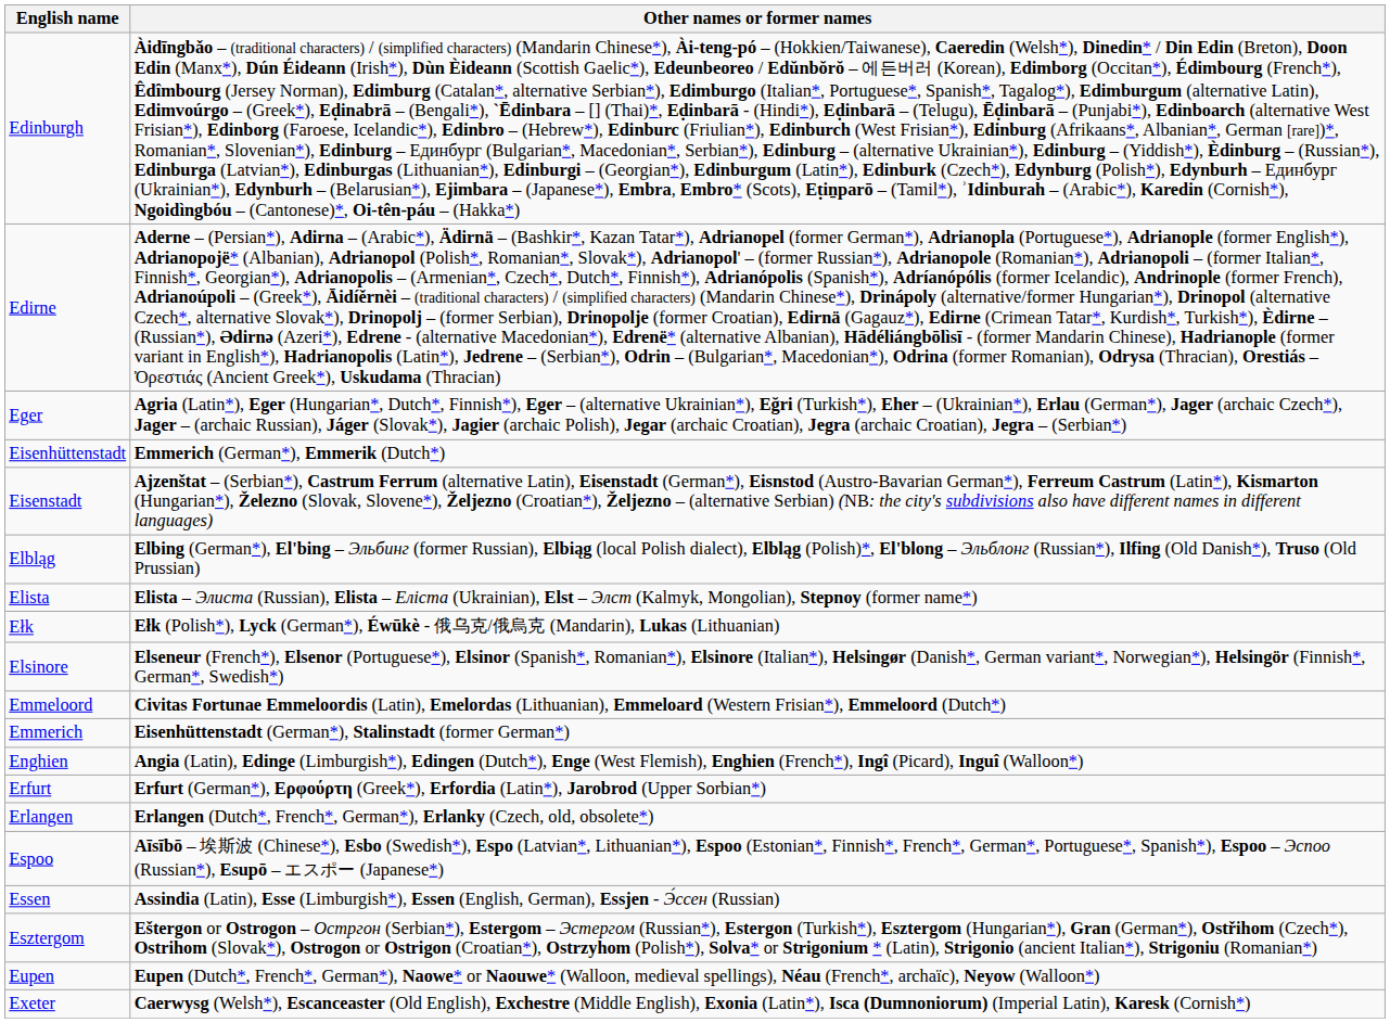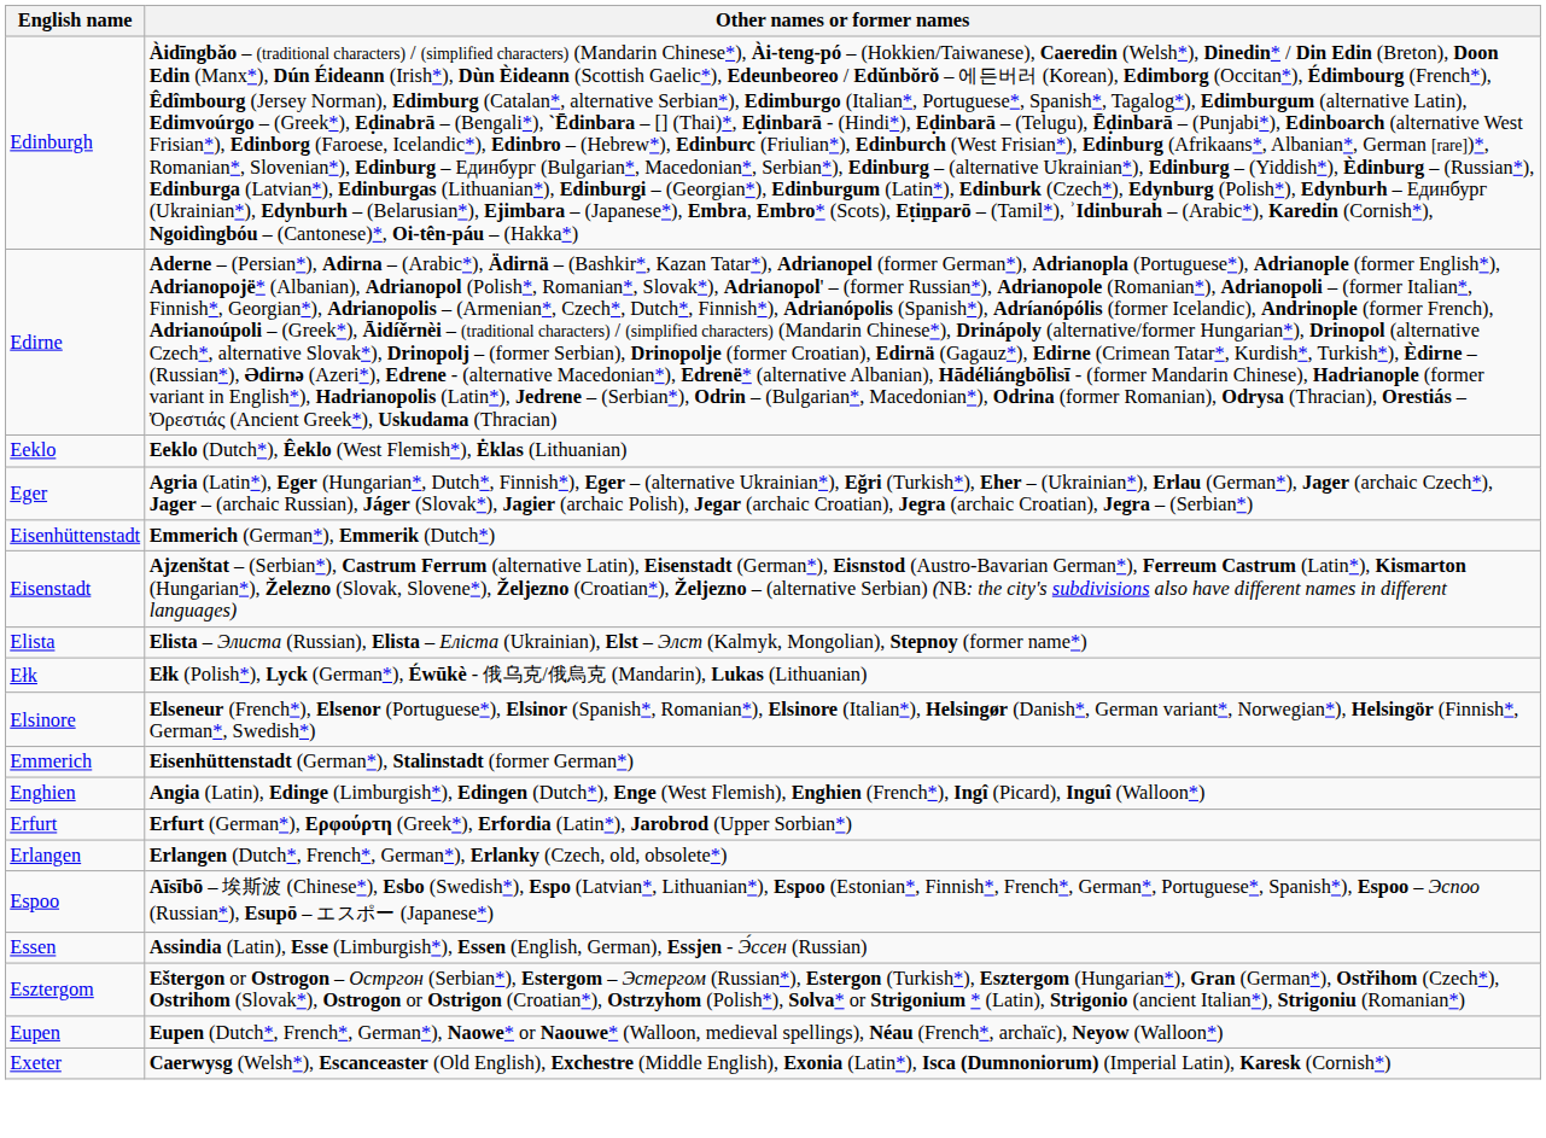 <table class="wikitable">
 <tr>
 <th>English name</th>
 <th>Other names or former names</th>
 </tr>
 <tr>
 <td> <a href='#'>Edinburgh</a></td>
 <td><strong>Àidīngbǎo</strong> –  <small>(traditional characters)</small> /  <small>(simplified characters)</small> (Mandarin Chinese<a href='#'>*</a>), <strong>Ài-teng-pó</strong> –  (Hokkien/Taiwanese), <strong>Caeredin</strong> (Welsh<a href='#'>*</a>), <strong>Dinedin</strong><a href='#'>*</a> / <strong>Din Edin</strong> (Breton), <strong>Doon Edin</strong> (Manx<a href='#'>*</a>), <strong>Dún Éideann</strong> (Irish<a href='#'>*</a>), <strong>Dùn Èideann</strong> (Scottish Gaelic<a href='#'>*</a>), <strong>Edeunbeoreo</strong> / <strong>Edŭnbŏrŏ</strong> – 에든버러 (Korean), <strong>Edimborg</strong> (Occitan<a href='#'>*</a>), <strong>Édimbourg</strong> (French<a href='#'>*</a>), <strong>Êdîmbourg</strong> (Jersey Norman), <strong>Edimburg</strong> (Catalan<a href='#'>*</a>, alternative Serbian<a href='#'>*</a>), <strong>Edimburgo</strong> (Italian<a href='#'>*</a>, Portuguese<a href='#'>*</a>, Spanish<a href='#'>*</a>, Tagalog<a href='#'>*</a>), <strong>Edimburgum</strong> (alternative Latin), <strong>Edimvoúrgo</strong> –  (Greek<a href='#'>*</a>), <strong>Eḍinabrā</strong> –  (Bengali<a href='#'>*</a>), <strong>`Ēdinbara</strong> –  [] (Thai)<a href='#'>*</a>, <strong>Eḍinbarā</strong> -  (Hindi<a href='#'>*</a>), <strong>Eḍin‌barā</strong> –  (Telugu), <strong>Ēḍinbarā</strong> –  (Punjabi<a href='#'>*</a>), <strong>Edinboarch</strong> (alternative West Frisian<a href='#'>*</a>), <strong>Edinborg</strong> (Faroese, Icelandic<a href='#'>*</a>), <strong>Edinbro</strong> –  (Hebrew<a href='#'>*</a>), <strong>Edinburc</strong> (Friulian<a href='#'>*</a>), <strong>Edinburch</strong> (West Frisian<a href='#'>*</a>), <strong>Edinburg</strong> (Afrikaans<a href='#'>*</a>, Albanian<a href='#'>*</a>, German <small>[rare]</small>)<a href='#'>*</a>, Romanian<a href='#'>*</a>, Slovenian<a href='#'>*</a>), <strong>Edinburg</strong> – Единбург (Bulgarian<a href='#'>*</a>, Macedonian<a href='#'>*</a>, Serbian<a href='#'>*</a>), <strong>Edinburg</strong> –  (alternative Ukrainian<a href='#'>*</a>), <strong>Edinburg</strong> –  (Yiddish<a href='#'>*</a>), <strong>Èdinburg</strong> –  (Russian<a href='#'>*</a>), <strong>Edinburga</strong> (Latvian<a href='#'>*</a>), <strong>Edinburgas</strong> (Lithuanian<a href='#'>*</a>), <strong>Edinburgi</strong> –  (Georgian<a href='#'>*</a>), <strong>Edinburgum</strong> (Latin<a href='#'>*</a>), <strong>Edinburk</strong> (Czech<a href='#'>*</a>), <strong>Edynburg</strong> (Polish<a href='#'>*</a>), <strong>Edynburh</strong> – Единбург (Ukrainian<a href='#'>*</a>), <strong>Edynburh</strong> –  (Belarusian<a href='#'>*</a>), <strong>Ejimbara</strong> –  (Japanese<a href='#'>*</a>), <strong>Embra</strong>, <strong>Embro</strong><a href='#'>*</a> (Scots), <strong>Eṭiṉparō</strong> –  (Tamil<a href='#'>*</a>), <strong>ʾIdinburah</strong> –  (Arabic<a href='#'>*</a>), <strong>Karedin</strong> (Cornish<a href='#'>*</a>), <strong>Ngoidìngbóu</strong> –  (Cantonese)<a href='#'>*</a>, <strong>Oi-tên-páu</strong> –  (Hakka<a href='#'>*</a>)<br></td>
 </tr>
 <tr>
 <td> <a href='#'>Edirne</a></td>
 <td><strong>Aderne</strong> –  (Persian<a href='#'>*</a>), <strong>Adirna</strong> –  (Arabic<a href='#'>*</a>), <strong>Ädirnä</strong> –  (Bashkir<a href='#'>*</a>, Kazan Tatar<a href='#'>*</a>), <strong>Adrianopel</strong> (former German<a href='#'>*</a>), <strong>Adrianopla</strong> (Portuguese<a href='#'>*</a>), <strong>Adrianople</strong> (former English<a href='#'>*</a>), <strong>Adrianopojë</strong><a href='#'>*</a> (Albanian), <strong>Adrianopol</strong> (Polish<a href='#'>*</a>, Romanian<a href='#'>*</a>, Slovak<a href='#'>*</a>), <strong>Adrianopol</strong>' –  (former Russian<a href='#'>*</a>), <strong>Adrianopole</strong> (Romanian<a href='#'>*</a>), <strong>Adrianopoli</strong> –  (former Italian<a href='#'>*</a>, Finnish<a href='#'>*</a>, Georgian<a href='#'>*</a>), <strong>Adrianopolis</strong> –  (Armenian<a href='#'>*</a>, Czech<a href='#'>*</a>, Dutch<a href='#'>*</a>, Finnish<a href='#'>*</a>), <strong>Adrianópolis</strong> (Spanish<a href='#'>*</a>), <strong>Adríanópólis</strong> (former Icelandic), <strong>Andrinople</strong> (former French), <strong>Adrianoúpoli</strong> –  (Greek<a href='#'>*</a>), <strong>Āidíěrnèi</strong> –  <small>(traditional characters)</small> /  <small>(simplified characters)</small> (Mandarin Chinese<a href='#'>*</a>), <strong>Drinápoly</strong> (alternative/former Hungarian<a href='#'>*</a>), <strong>Drinopol</strong> (alternative Czech<a href='#'>*</a>, alternative Slovak<a href='#'>*</a>), <strong>Drinopolj</strong> –  (former Serbian), <strong>Drinopolje</strong> (former Croatian), <strong>Edirnä</strong> (Gagauz<a href='#'>*</a>), <strong>Edirne</strong> (Crimean Tatar<a href='#'>*</a>, Kurdish<a href='#'>*</a>, Turkish<a href='#'>*</a>), <strong>Èdirne</strong> –  (Russian<a href='#'>*</a>), <strong>Ədirnə</strong> (Azeri<a href='#'>*</a>), <strong>Edrene</strong> -  (alternative Macedonian<a href='#'>*</a>), <strong>Εdrenë</strong><a href='#'>*</a> (alternative Albanian), <strong>Hādéliángbōlìsī</strong> -  (former Mandarin Chinese), <strong>Hadrianople</strong> (former variant in English<a href='#'>*</a>), <strong>Hadrianopolis</strong> (Latin<a href='#'>*</a>), <strong>Jedrene</strong> –  (Serbian<a href='#'>*</a>), <strong>Odrin</strong> –  (Bulgarian<a href='#'>*</a>, Macedonian<a href='#'>*</a>), <strong>Odrina</strong> (former Romanian), <strong>Odrysa</strong> (Thracian), <strong>Orestiás</strong> – Ὀρεστιάς (Ancient Greek<a href='#'>*</a>), <strong>Uskudama</strong> (Thracian)<br></td>
 </tr>
 <tr>
+<td> <a href='#'>Eeklo</a></td>
+<td><strong>Eeklo</strong> (Dutch<a href='#'>*</a>), <strong>Êeklo</strong> (West Flemish<a href='#'>*</a>), <strong>Ėklas</strong> (Lithuanian)</td>
+</tr>
+<tr>
 <td> <a href='#'>Eger</a></td>
 <td><strong>Agria</strong> (Latin<a href='#'>*</a>), <strong>Eger</strong> (Hungarian<a href='#'>*</a>, Dutch<a href='#'>*</a>, Finnish<a href='#'>*</a>), <strong>Eger</strong> –  (alternative Ukrainian<a href='#'>*</a>), <strong>Eğri</strong> (Turkish<a href='#'>*</a>), <strong>Eher</strong> –  (Ukrainian<a href='#'>*</a>), <strong>Erlau</strong> (German<a href='#'>*</a>), <strong>Jager</strong> (archaic Czech<a href='#'>*</a>), <strong>Jager</strong> –  (archaic Russian), <strong>Jáger</strong> (Slovak<a href='#'>*</a>), <strong>Jagier</strong> (archaic Polish), <strong>Jegar</strong> (archaic Croatian), <strong>Jegra</strong> (archaic Croatian), <strong>Jegra</strong> –  (Serbian<a href='#'>*</a>)<br></td>
 </tr>
 <tr>
 <td> <a href='#'>Eisenhüttenstadt</a></td>
 <td><strong>Emmerich</strong> (German<a href='#'>*</a>), <strong>Emmerik</strong> (Dutch<a href='#'>*</a>)</td>
 </tr>
 <tr>
 <td> <a href='#'>Eisenstadt</a></td>
 <td><strong>Ajzenštat</strong> –  (Serbian<a href='#'>*</a>), <strong>Castrum Ferrum</strong> (alternative Latin), <strong>Eisenstadt</strong> (German<a href='#'>*</a>), <strong>Eisnstod</strong> (Austro-Bavarian German<a href='#'>*</a>), <strong>Ferreum Castrum</strong> (Latin<a href='#'>*</a>), <strong>Kismarton</strong> (Hungarian<a href='#'>*</a>), <strong>Železno</strong> (Slovak, Slovene<a href='#'>*</a>), <strong>Željezno</strong> (Croatian<a href='#'>*</a>), <strong>Željezno</strong> –  (alternative Serbian) <em>(</em>NB<em>: the city's <a href='#'>subdivisions</a> also have different names in different languages)</em><br></td>
 </tr>
 <tr>
-<td> <a href='#'>Elbląg</a></td>
-<td><strong>Elbing</strong> (German<a href='#'>*</a>), <strong>El'bing</strong> – <em>Эльбинг</em> (former Russian), <strong>Elbiąg</strong> (local Polish dialect), <strong>Elbląg</strong> (Polish)<a href='#'>*</a>, <strong>El'blong</strong> – <em>Эльблонг</em> (Russian<a href='#'>*</a>), <strong>Ilfing</strong> (Old Danish<a href='#'>*</a>), <strong>Truso</strong> (Old Prussian)</td>
-</tr>
-<tr>
 <td> <a href='#'>Elista</a></td>
 <td><strong>Elista</strong> – <em>Элиста</em> (Russian), <strong>Elista</strong> – <em>Еліста</em> (Ukrainian), <strong>Elst</strong> – <em>Элст</em> (Kalmyk, Mongolian), <strong>Stepnoy</strong> (former name<a href='#'>*</a>)</td>
 </tr>
 <tr>
 <td> <a href='#'>Ełk</a></td>
 <td><strong>Ełk</strong> (Polish<a href='#'>*</a>), <strong>Lyck</strong> (German<a href='#'>*</a>), <strong>Éwūkè</strong> - 俄乌克/俄烏克 (Mandarin), <strong>Lukas</strong> (Lithuanian)</td>
 </tr>
 <tr>
 <td> <a href='#'>Elsinore</a></td>
 <td><strong>Elseneur</strong> (French<a href='#'>*</a>), <strong>Elsenor</strong> (Portuguese<a href='#'>*</a>), <strong>Elsinor</strong> (Spanish<a href='#'>*</a>, Romanian<a href='#'>*</a>), <strong>Elsinore</strong> (Italian<a href='#'>*</a>), <strong>Helsingør</strong> (Danish<a href='#'>*</a>, German variant<a href='#'>*</a>, Norwegian<a href='#'>*</a>), <strong>Helsingör</strong> (Finnish<a href='#'>*</a>, German<a href='#'>*</a>, Swedish<a href='#'>*</a>)</td>
-</tr>
-<tr>
-<td> <a href='#'>Emmeloord</a></td>
-<td><strong>Civitas Fortunae Emmeloordis</strong> (Latin), <strong>Emelordas</strong> (Lithuanian), <strong>Emmeloard</strong> (Western Frisian<a href='#'>*</a>), <strong>Emmeloord</strong> (Dutch<a href='#'>*</a>)</td>
 </tr>
 <tr>
 <td> <a href='#'>Emmerich</a></td>
 <td><strong>Eisenhüttenstadt</strong> (German<a href='#'>*</a>), <strong>Stalinstadt</strong> (former German<a href='#'>*</a>)</td>
 </tr>
 <tr>
 <td> <a href='#'>Enghien</a></td>
 <td><strong>Angia</strong> (Latin), <strong>Edinge</strong> (Limburgish<a href='#'>*</a>), <strong>Edingen</strong> (Dutch<a href='#'>*</a>), <strong>Enge</strong> (West Flemish), <strong>Enghien</strong> (French<a href='#'>*</a>), <strong>Ingî</strong> (Picard), <strong>Inguî</strong> (Walloon<a href='#'>*</a>)</td>
 </tr>
 <tr>
 <td> <a href='#'>Erfurt</a></td>
 <td><strong>Erfurt</strong> (German<a href='#'>*</a>), <strong>Ερφούρτη</strong> (Greek<a href='#'>*</a>), <strong>Erfordia</strong> (Latin<a href='#'>*</a>), <strong>Jarobrod</strong> (Upper Sorbian<a href='#'>*</a>)</td>
 </tr>
 <tr>
 <td> <a href='#'>Erlangen</a></td>
 <td><strong>Erlangen</strong> (Dutch<a href='#'>*</a>, French<a href='#'>*</a>, German<a href='#'>*</a>), <strong>Erlanky</strong> (Czech, old, obsolete<a href='#'>*</a>)</td>
 </tr>
 <tr>
 <td> <a href='#'>Espoo</a></td>
 <td><strong>Aīsībō</strong> – 埃斯波 (Chinese<a href='#'>*</a>), <strong>Esbo</strong> (Swedish<a href='#'>*</a>), <strong>Espo</strong> (Latvian<a href='#'>*</a>, Lithuanian<a href='#'>*</a>), <strong>Espoo</strong> (Estonian<a href='#'>*</a>, Finnish<a href='#'>*</a>, French<a href='#'>*</a>, German<a href='#'>*</a>, Portuguese<a href='#'>*</a>, Spanish<a href='#'>*</a>), <strong>Espoo</strong> – <em>Эспоо</em> (Russian<a href='#'>*</a>), <strong>Esupō</strong> – エスポー (Japanese<a href='#'>*</a>)</td>
 </tr>
 <tr>
 <td> <a href='#'>Essen</a></td>
 <td><strong>Assindia</strong> (Latin), <strong>Esse</strong> (Limburgish<a href='#'>*</a>), <strong>Essen</strong> (English, German), <strong>Essjen</strong> - <em>Э́ссен</em> (Russian)</td>
 </tr>
 <tr>
 <td> <a href='#'>Esztergom</a></td>
 <td><strong>Eštergon</strong> or <strong>Ostrogon</strong> – <em>Oстргон</em> (Serbian<a href='#'>*</a>), <strong>Estergom</strong> – <em>Эстергом</em> (Russian<a href='#'>*</a>), <strong>Estergon</strong> (Turkish<a href='#'>*</a>), <strong>Esztergom</strong> (Hungarian<a href='#'>*</a>), <strong>Gran</strong> (German<a href='#'>*</a>), <strong>Ostřihom</strong> (Czech<a href='#'>*</a>), <strong>Ostrihom</strong> (Slovak<a href='#'>*</a>), <strong>Ostrogon</strong> or <strong>Ostrigon</strong> (Croatian<a href='#'>*</a>), <strong>Ostrzyhom</strong> (Polish<a href='#'>*</a>), <strong>Solva</strong><a href='#'>*</a> or <strong>Strigonium </strong><a href='#'>*</a> (Latin), <strong>Strigonio</strong> (ancient Italian<a href='#'>*</a>), <strong>Strigoniu</strong> (Romanian<a href='#'>*</a>)</td>
 </tr>
 <tr>
 <td> <a href='#'>Eupen</a></td>
 <td><strong>Eupen</strong> (Dutch<a href='#'>*</a>, French<a href='#'>*</a>, German<a href='#'>*</a>), <strong>Naowe</strong><a href='#'>*</a> or <strong>Naouwe</strong><a href='#'>*</a> (Walloon, medieval spellings), <strong>Néau</strong> (French<a href='#'>*</a>, archaïc), <strong>Neyow</strong> (Walloon<a href='#'>*</a>)</td>
 </tr>
 <tr>
 <td> <a href='#'>Exeter</a></td>
 <td><strong>Caerwysg</strong> (Welsh<a href='#'>*</a>), <strong>Escanceaster</strong> (Old English),  <strong>Exchestre</strong> (Middle English), <strong>Exonia</strong> (Latin<a href='#'>*</a>), <strong>Isca (Dumnoniorum)</strong> (Imperial Latin), <strong>Karesk</strong> (Cornish<a href='#'>*</a>)</td>
 </tr>
 </table>
